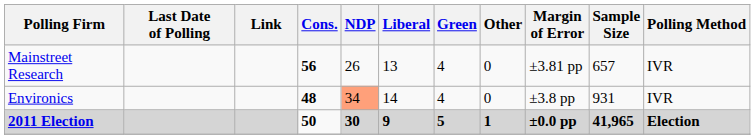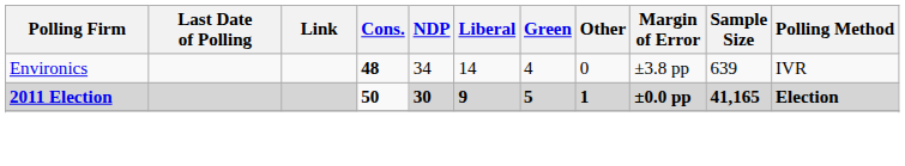 <table class="wikitable sortable">
 <tr style="background:#e9e9e9;">
 <th style="width:120px">Polling Firm</th>
 <th style="width:110px">Last Date<br>of Polling</th>
 <th style="width:60px" class="unsortable">Link</th>
 <th style="background-color:"><strong><a href='#'>Cons.</a></strong></th>
 <th style="background-color:"><strong><a href='#'>NDP</a></strong></th>
 <th style="background-color:"><strong><a href='#'>Liberal</a></strong></th>
 <th style="background-color:"><strong><a href='#'>Green</a></strong></th>
 <th style="background-color:"><strong>Other</strong></th>
 <th style="width:60px;" class=unsortable>Margin<br>of Error</th>
 <th style="width:50px;" class=unsortable>Sample<br>Size</th>
 <th class=unsortable>Polling Method</th>
 </tr>
 <tr>
-<td><a href='#'>Mainstreet Research</a></td>
-<td></td>
-<td></td>
-<td><strong>56</strong></td>
-<td>26</td>
-<td>13</td>
-<td>4</td>
-<td>0</td>
-<td>±3.81 pp</td>
-<td>657</td>
-<td>IVR</td>
-</tr>
-<tr>
 <td><a href='#'>Environics</a></td>
 <td></td>
 <td></td>
 <td><strong>48</strong></td>
-<td style="background: lightsalmon;">34</td>
+<td>34</td>
 <td>14</td>
 <td>4</td>
 <td>0</td>
 <td>±3.8 pp</td>
-<td>931</td>
+<td>639</td>
 <td>IVR</td>
 </tr>
 <tr>
 <td style="background:#D5D5D5"><strong><a href='#'>2011 Election</a></strong></td>
 <td style="background:#D5D5D5"><strong></strong></td>
 <td style="background:#D5D5D5"></td>
 <td><strong>50</strong></td>
 <td style="background:#D5D5D5"><strong>30</strong></td>
 <td style="background:#D5D5D5"><strong>9</strong></td>
 <td style="background:#D5D5D5"><strong>5</strong></td>
 <td style="background:#D5D5D5"><strong>1</strong></td>
 <td style="background:#D5D5D5"><strong>±0.0 pp</strong></td>
-<td style="background:#D5D5D5"><strong>41,965</strong></td>
+<td style="background:#D5D5D5"><strong>41,165</strong></td>
 <td style="background:#D5D5D5"><strong>Election</strong></td>
 </tr>
 <tr>
 </tr>
 <tr>
 </tr>
 </table>
